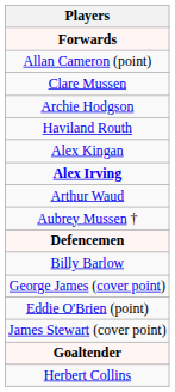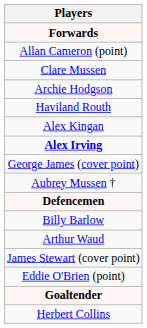 <table class="wikitable" style="text-align:center;">
 <tr>
 <th>Players</th>
 </tr>
 <tr style="font-weight:bold; background-color:#FFF5F5;">
 <td colspan="1" align="center"><strong>Forwards</strong></td>
 </tr>
 <tr>
 <td><a href='#'>Allan Cameron</a> (point)</td>
 </tr>
 <tr>
 <td><a href='#'>Clare Mussen</a></td>
 </tr>
 <tr>
 <td><a href='#'>Archie Hodgson</a></td>
 </tr>
 <tr>
 <td><a href='#'>Haviland Routh</a></td>
 </tr>
 <tr>
 <td><a href='#'>Alex Kingan</a></td>
 </tr>
 <tr>
 <td><strong><a href='#'>Alex Irving</a></strong></td>
 </tr>
 <tr>
-<td><a href='#'>Arthur Waud</a></td>
+<td><a href='#'>George James</a> (<a href='#'>cover point</a>)</td>
 </tr>
 <tr>
 <td><a href='#'>Aubrey Mussen</a> †</td>
 </tr>
 <tr style="font-weight:bold; background-color:#FFF5F5;">
 <td colspan="1" align="center"><strong>Defencemen</strong></td>
 </tr>
 <tr>
 <td><a href='#'>Billy Barlow</a></td>
 </tr>
 <tr>
-<td><a href='#'>George James</a> (<a href='#'>cover point</a>)</td>
+<td><a href='#'>Arthur Waud</a></td>
+</tr>
+<tr>
+<td><a href='#'>James Stewart</a> (cover point)</td>
 </tr>
 <tr>
 <td><a href='#'>Eddie O'Brien</a> (point)</td>
-</tr>
-<tr>
-<td><a href='#'>James Stewart</a> (cover point)</td>
 </tr>
 <tr style="font-weight:bold; background-color:#FFF5F5;">
 <td colspan="1" align="center"><strong>Goaltender</strong></td>
 </tr>
 <tr>
 <td><a href='#'>Herbert Collins</a></td>
 </tr>
 </table>
